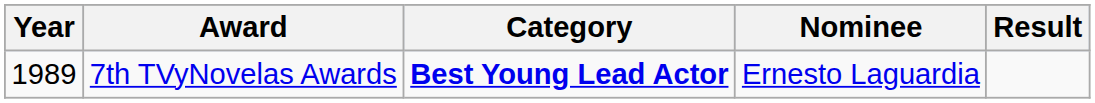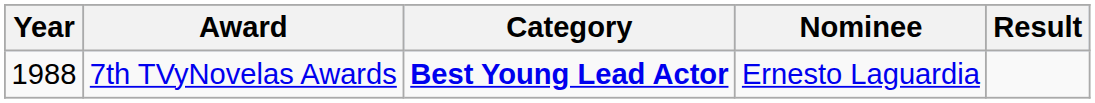 <table class="wikitable">
 <tr style="background:#b0c4de;">
 <th>Year</th>
 <th>Award</th>
 <th>Category</th>
 <th>Nominee</th>
 <th>Result</th>
 </tr>
 <tr>
-<td>1989</td>
+<td>1988</td>
 <td><a href='#'>7th TVyNovelas Awards</a></td>
 <td><strong><a href='#'>Best Young Lead Actor</a></strong></td>
 <td><a href='#'>Ernesto Laguardia</a></td>
 <td></td>
 </tr>
 </table>
